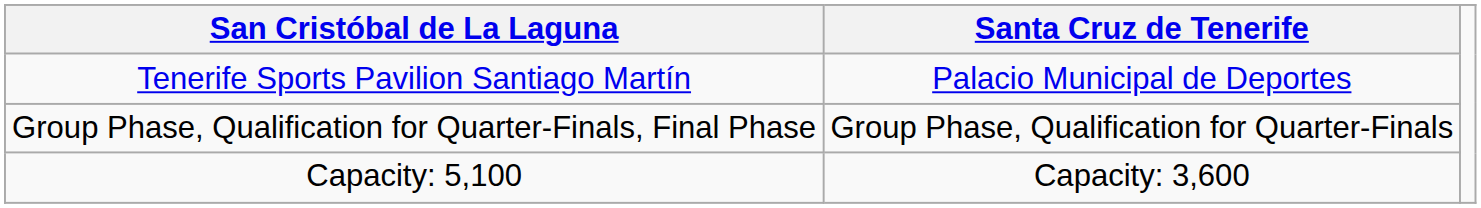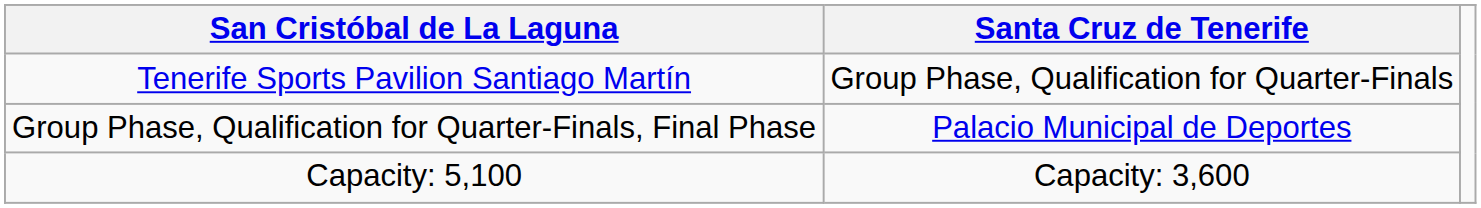 <table class="wikitable" style="text-align:center;">
 <tr>
 <th><a href='#'>San Cristóbal de La Laguna</a></th>
 <th><a href='#'>Santa Cruz de Tenerife</a></th>
 <td rowspan="4"><br></td>
 </tr>
 <tr>
 <td><a href='#'>Tenerife Sports Pavilion Santiago Martín</a></td>
-<td><a href='#'>Palacio Municipal de Deportes</a></td>
+<td>Group Phase, Qualification for Quarter-Finals</td>
 </tr>
 <tr>
 <td>Group Phase, Qualification for Quarter-Finals, Final Phase</td>
-<td>Group Phase, Qualification for Quarter-Finals</td>
+<td><a href='#'>Palacio Municipal de Deportes</a></td>
 </tr>
 <tr>
 <td>Capacity: 5,100</td>
 <td>Capacity: 3,600</td>
 </tr>
 </table>
